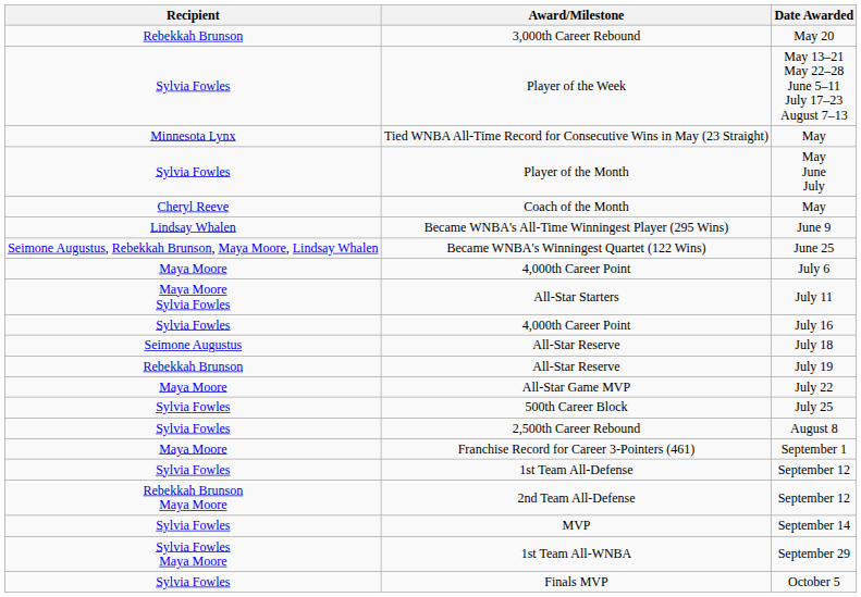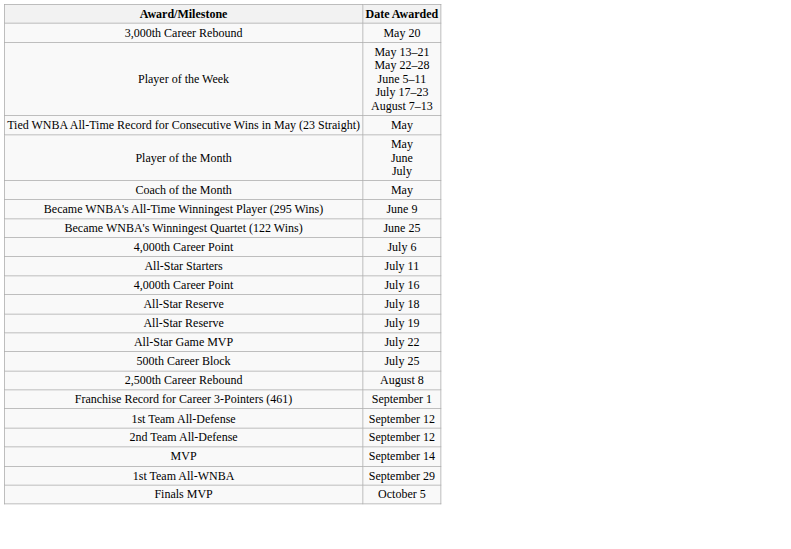 <table class="wikitable sortable sortable" style="text-align: center">
 <tr>
-<th>Recipient</th>
 <th>Award/Milestone</th>
 <th>Date Awarded</th>
 </tr>
 <tr>
-<td><a href='#'>Rebekkah Brunson</a></td>
 <td>3,000th Career Rebound</td>
 <td>May 20 </td>
 </tr>
 <tr>
-<td><a href='#'>Sylvia Fowles</a></td>
 <td>Player of the Week</td>
 <td>May 13–21 <br>May 22–28 <br> June 5–11 <br>July 17–23 <br> August 7–13 </td>
 </tr>
 <tr>
-<td><a href='#'>Minnesota Lynx</a></td>
 <td>Tied WNBA All-Time Record for Consecutive Wins in May (23 Straight)</td>
 <td>May </td>
 </tr>
 <tr>
-<td><a href='#'>Sylvia Fowles</a></td>
 <td>Player of the Month</td>
 <td>May <br>June <br>July </td>
 </tr>
 <tr>
-<td><a href='#'>Cheryl Reeve</a></td>
 <td>Coach of the Month</td>
 <td>May </td>
 </tr>
 <tr>
-<td><a href='#'>Lindsay Whalen</a></td>
 <td>Became WNBA's All-Time Winningest Player (295 Wins)</td>
 <td>June 9 </td>
 </tr>
 <tr>
-<td><a href='#'>Seimone Augustus</a>, <a href='#'>Rebekkah Brunson</a>, <a href='#'>Maya Moore</a>, <a href='#'>Lindsay Whalen</a></td>
 <td>Became WNBA's Winningest Quartet (122 Wins)</td>
 <td>June 25 </td>
 </tr>
 <tr>
-<td><a href='#'>Maya Moore</a></td>
 <td>4,000th Career Point</td>
 <td>July 6 </td>
 </tr>
 <tr>
-<td><a href='#'>Maya Moore</a><br><a href='#'>Sylvia Fowles</a></td>
 <td>All-Star Starters</td>
 <td>July 11 </td>
 </tr>
 <tr>
-<td><a href='#'>Sylvia Fowles</a></td>
 <td>4,000th Career Point</td>
 <td>July 16 </td>
 </tr>
 <tr>
-<td><a href='#'>Seimone Augustus</a></td>
 <td>All-Star Reserve</td>
 <td>July 18 </td>
 </tr>
 <tr>
-<td><a href='#'>Rebekkah Brunson</a></td>
 <td>All-Star Reserve</td>
 <td>July 19 </td>
 </tr>
 <tr>
-<td><a href='#'>Maya Moore</a></td>
 <td>All-Star Game MVP</td>
 <td>July 22 </td>
 </tr>
 <tr>
-<td><a href='#'>Sylvia Fowles</a></td>
 <td>500th Career Block</td>
 <td>July 25 </td>
 </tr>
 <tr>
-<td><a href='#'>Sylvia Fowles</a></td>
 <td>2,500th Career Rebound</td>
 <td>August 8 </td>
 </tr>
 <tr>
-<td><a href='#'>Maya Moore</a></td>
 <td>Franchise Record for Career 3-Pointers (461)</td>
 <td>September 1 </td>
 </tr>
 <tr>
-<td><a href='#'>Sylvia Fowles</a></td>
 <td>1st Team All-Defense</td>
 <td>September 12 </td>
 </tr>
 <tr>
-<td><a href='#'>Rebekkah Brunson</a><br><a href='#'>Maya Moore</a></td>
 <td>2nd Team All-Defense</td>
 <td>September 12 </td>
 </tr>
 <tr>
-<td><a href='#'>Sylvia Fowles</a></td>
 <td>MVP</td>
 <td>September 14 </td>
 </tr>
 <tr>
-<td><a href='#'>Sylvia Fowles</a><br><a href='#'>Maya Moore</a></td>
 <td>1st Team All-WNBA</td>
 <td>September 29 </td>
 </tr>
 <tr>
-<td><a href='#'>Sylvia Fowles</a></td>
 <td>Finals MVP</td>
 <td>October 5 </td>
 </tr>
 </table>
